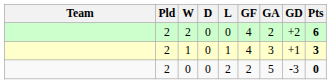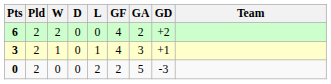 <table class=wikitable style="text-align:center">
 <tr>
-<th width=200>Team</th>
+<th width=20>Pts</th>
 <th width=20>Pld</th>
 <th width=20>W</th>
 <th width=20>D</th>
 <th width=20>L</th>
 <th width=20>GF</th>
 <th width=20>GA</th>
 <th width=20>GD</th>
-<th width=20>Pts</th>
+<th width=200>Team</th>
 </tr>
 <tr style="background:#cfc;">
-<td align="left"></td>
+<td><strong>6</strong></td>
 <td>2</td>
 <td>2</td>
 <td>0</td>
 <td>0</td>
 <td>4</td>
 <td>2</td>
 <td>+2</td>
-<td><strong>6</strong></td>
+<td align="left"></td>
 </tr>
 <tr style="background:#ffc;">
-<td align="left"></td>
+<td><strong>3</strong></td>
 <td>2</td>
 <td>1</td>
 <td>0</td>
 <td>1</td>
 <td>4</td>
 <td>3</td>
 <td>+1</td>
-<td><strong>3</strong></td>
+<td align="left"></td>
 </tr>
 <tr>
-<td align="left"></td>
+<td><strong>0</strong></td>
 <td>2</td>
 <td>0</td>
 <td>0</td>
 <td>2</td>
 <td>2</td>
 <td>5</td>
 <td>-3</td>
-<td><strong>0</strong></td>
+<td align="left"></td>
 </tr>
 </table>
